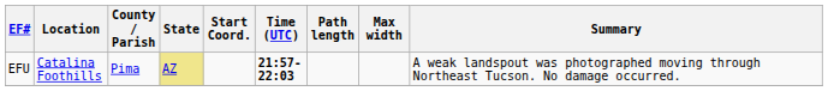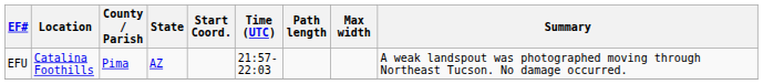 <table class="wikitable sortable" style="width:100%;">
 <tr>
 <th scope="col"  style="width:3%; text-align:center;"><a href='#'>EF#</a></th>
 <th scope="col"  style="width:7%; text-align:center;" class="unsortable">Location</th>
 <th scope="col"  style="width:6%; text-align:center;" class="unsortable">County / Parish</th>
 <th scope="col"  style="width:5%; text-align:center;">State</th>
 <th scope="col"  style="width:6%; text-align:center;">Start Coord.</th>
 <th scope="col"  style="width:6%; text-align:center;">Time (<a href='#'>UTC</a>)</th>
 <th scope="col"  style="width:6%; text-align:center;">Path length</th>
 <th scope="col"  style="width:6%; text-align:center;">Max width</th>
 <th scope="col" class="unsortable" style="width:48%; text-align:center;">Summary</th>
 </tr>
 <tr>
 <td>EFU</td>
 <td><a href='#'>Catalina Foothills</a></td>
 <td><a href='#'>Pima</a></td>
-<td style="background: khaki;"><a href='#'>AZ</a></td>
+<td><a href='#'>AZ</a></td>
 <td></td>
-<td><strong>21:57-22:03</strong></td>
+<td>21:57-22:03</td>
 <td></td>
 <td></td>
 <td>A weak landspout was photographed moving through Northeast Tucson. No damage occurred.</td>
 </tr>
 <tr>
 </tr>
 </table>
